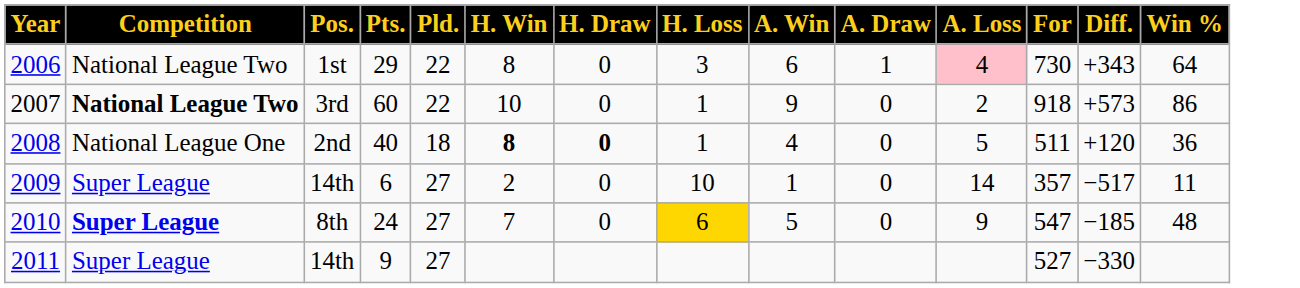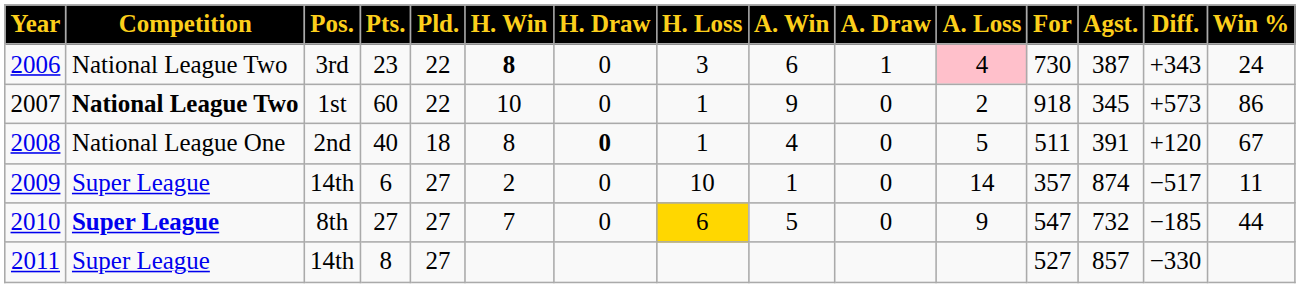 <table class="wikitable sortable" style="text-align:center; width: %;">
 <tr>
 <th style="background:black; color:#FCCF1B">Year</th>
 <th style="background:black; color:#FCCF1B">Competition</th>
 <th style="background:black; color:#FCCF1B">Pos.</th>
 <th style="background:black; color:#FCCF1B">Pts.</th>
 <th style="background:black; color:#FCCF1B">Pld.</th>
 <th style="background:black; color:#FCCF1B">H. Win</th>
 <th style="background:black; color:#FCCF1B">H. Draw</th>
 <th style="background:black; color:#FCCF1B">H. Loss</th>
 <th style="background:black; color:#FCCF1B">A. Win</th>
 <th style="background:black; color:#FCCF1B">A. Draw</th>
 <th style="background:black; color:#FCCF1B">A. Loss</th>
 <th style="background:black; color:#FCCF1B">For</th>
+<th style="background:black; color:#FCCF1B">Agst.</th>
 <th style="background:black; color:#FCCF1B">Diff.</th>
 <th style= "background:black; color:#FCCF1B">Win %</th>
 </tr>
 <tr>
 <td><a href='#'>2006</a></td>
 <td align=left>National League Two</td>
-<td>1st</td>
-<td>29</td>
+<td>3rd</td>
+<td>23</td>
 <td>22</td>
-<td>8</td>
+<td><strong>8</strong></td>
 <td>0</td>
 <td>3</td>
 <td>6</td>
 <td>1</td>
 <td style="background: pink;">4</td>
 <td>730</td>
+<td>387</td>
 <td>+343</td>
-<td>64</td>
+<td>24</td>
 </tr>
 <tr>
 <td>2007</td>
 <td align=left><strong>National League Two</strong></td>
-<td>3rd</td>
+<td>1st</td>
 <td>60</td>
 <td>22</td>
 <td>10</td>
 <td>0</td>
 <td>1</td>
 <td>9</td>
 <td>0</td>
 <td>2</td>
 <td>918</td>
+<td>345</td>
 <td>+573</td>
 <td>86</td>
 </tr>
 <tr>
 <td><a href='#'>2008</a></td>
 <td align=left>National League One</td>
 <td>2nd</td>
 <td>40</td>
 <td>18</td>
-<td><strong>8</strong></td>
+<td>8</td>
 <td><strong>0</strong></td>
 <td>1</td>
 <td>4</td>
 <td>0</td>
 <td>5</td>
 <td>511</td>
+<td>391</td>
 <td>+120</td>
-<td>36</td>
+<td>67</td>
 </tr>
 <tr>
 <td><a href='#'>2009</a></td>
 <td align=left><a href='#'>Super League</a></td>
 <td>14th</td>
 <td>6</td>
 <td>27</td>
 <td>2</td>
 <td>0</td>
 <td>10</td>
 <td>1</td>
 <td>0</td>
 <td>14</td>
 <td>357</td>
+<td>874</td>
 <td>−517</td>
 <td>11</td>
 </tr>
 <tr>
 <td><a href='#'>2010</a></td>
 <td align=left><strong><a href='#'>Super League</a></strong></td>
 <td>8th</td>
-<td>24</td>
+<td>27</td>
 <td>27</td>
 <td>7</td>
 <td>0</td>
 <td style="background: gold;">6</td>
 <td>5</td>
 <td>0</td>
 <td>9</td>
 <td>547</td>
+<td>732</td>
 <td>−185</td>
-<td>48</td>
+<td>44</td>
 </tr>
 <tr>
 <td><a href='#'>2011</a></td>
 <td align=left><a href='#'>Super League</a></td>
 <td>14th</td>
-<td>9</td>
+<td>8</td>
 <td>27</td>
 <td></td>
 <td></td>
 <td></td>
 <td></td>
 <td></td>
 <td></td>
 <td>527</td>
+<td>857</td>
 <td>−330</td>
 <td></td>
 </tr>
 </table>
